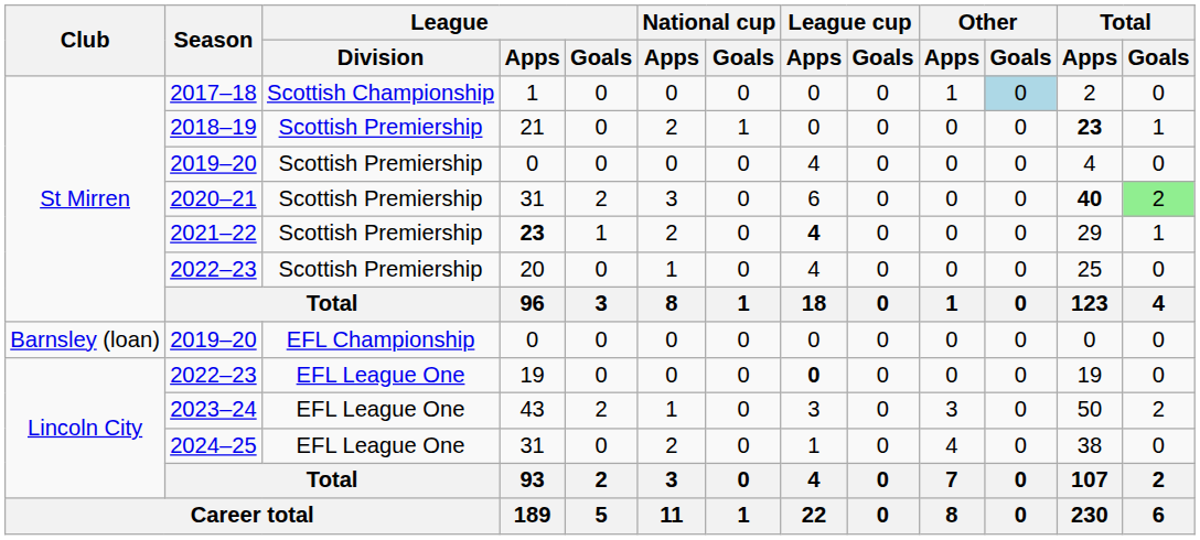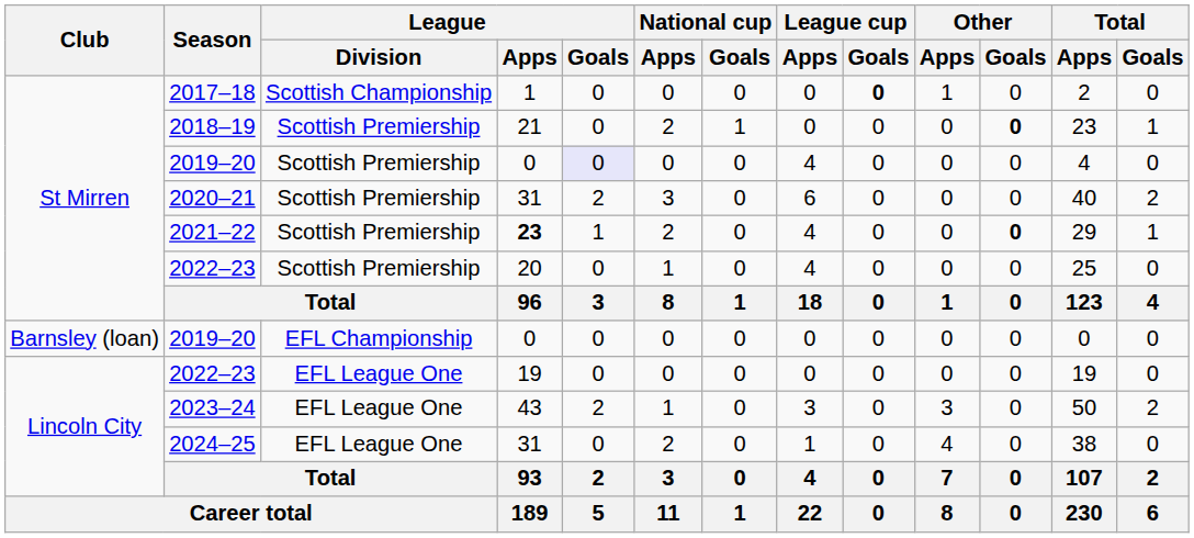 <table class=wikitable style="text-align: center">
 <tr>
 <th rowspan=2>Club</th>
 <th rowspan=2>Season</th>
 <th colspan=3>League</th>
 <th colspan=2>National cup</th>
 <th colspan=2>League cup</th>
 <th colspan=2>Other</th>
 <th colspan=2>Total</th>
 </tr>
 <tr>
 <th>Division</th>
 <th>Apps</th>
 <th>Goals</th>
 <th>Apps</th>
 <th>Goals</th>
 <th>Apps</th>
 <th>Goals</th>
 <th>Apps</th>
 <th>Goals</th>
 <th>Apps</th>
 <th>Goals</th>
 </tr>
 <tr>
 <td rowspan=7><a href='#'>St Mirren</a></td>
 <td><a href='#'>2017–18</a></td>
 <td><a href='#'>Scottish Championship</a></td>
 <td>1</td>
 <td>0</td>
 <td>0</td>
 <td>0</td>
 <td>0</td>
+<td><strong>0</strong></td>
+<td>1</td>
 <td>0</td>
-<td>1</td>
-<td style="background: lightblue;">0</td>
 <td>2</td>
 <td>0</td>
 </tr>
 <tr>
 <td><a href='#'>2018–19</a></td>
 <td><a href='#'>Scottish Premiership</a></td>
 <td>21</td>
 <td>0</td>
 <td>2</td>
 <td>1</td>
 <td>0</td>
 <td>0</td>
 <td>0</td>
-<td>0</td>
-<td><strong>23</strong></td>
+<td><strong>0</strong></td>
+<td>23</td>
 <td>1</td>
 </tr>
 <tr>
 <td><a href='#'>2019–20</a></td>
 <td>Scottish Premiership</td>
 <td>0</td>
-<td>0</td>
+<td style="background: lavender;">0</td>
 <td>0</td>
 <td>0</td>
 <td>4</td>
 <td>0</td>
 <td>0</td>
 <td>0</td>
 <td>4</td>
 <td>0</td>
 </tr>
 <tr>
 <td><a href='#'>2020–21</a></td>
 <td>Scottish Premiership</td>
 <td>31</td>
 <td>2</td>
 <td>3</td>
 <td>0</td>
 <td>6</td>
 <td>0</td>
 <td>0</td>
 <td>0</td>
-<td><strong>40</strong></td>
-<td style="background: lightgreen;">2</td>
+<td>40</td>
+<td>2</td>
 </tr>
 <tr>
 <td><a href='#'>2021–22</a></td>
 <td>Scottish Premiership</td>
 <td><strong>23</strong></td>
 <td>1</td>
 <td>2</td>
 <td>0</td>
-<td><strong>4</strong></td>
+<td>4</td>
 <td>0</td>
 <td>0</td>
-<td>0</td>
+<td><strong>0</strong></td>
 <td>29</td>
 <td>1</td>
 </tr>
 <tr>
 <td><a href='#'>2022–23</a></td>
 <td>Scottish Premiership</td>
 <td>20</td>
 <td>0</td>
 <td>1</td>
 <td>0</td>
 <td>4</td>
 <td>0</td>
 <td>0</td>
 <td>0</td>
 <td>25</td>
 <td>0</td>
 </tr>
 <tr>
 <th colspan=2>Total</th>
 <th>96</th>
 <th>3</th>
 <th>8</th>
 <th>1</th>
 <th>18</th>
 <th>0</th>
 <th>1</th>
 <th>0</th>
 <th>123</th>
 <th>4</th>
 </tr>
 <tr>
 <td><a href='#'>Barnsley</a> (loan)</td>
 <td><a href='#'>2019–20</a></td>
 <td><a href='#'>EFL Championship</a></td>
 <td>0</td>
 <td>0</td>
 <td>0</td>
 <td>0</td>
 <td>0</td>
 <td>0</td>
 <td>0</td>
 <td>0</td>
 <td>0</td>
 <td>0</td>
 </tr>
 <tr>
 <td rowspan=4><a href='#'>Lincoln City</a></td>
 <td><a href='#'>2022–23</a></td>
 <td><a href='#'>EFL League One</a></td>
 <td>19</td>
 <td>0</td>
 <td>0</td>
 <td>0</td>
-<td><strong>0</strong></td>
+<td>0</td>
 <td>0</td>
 <td>0</td>
 <td>0</td>
 <td>19</td>
 <td>0</td>
 </tr>
 <tr>
 <td><a href='#'>2023–24</a></td>
 <td>EFL League One</td>
 <td>43</td>
 <td>2</td>
 <td>1</td>
 <td>0</td>
 <td>3</td>
 <td>0</td>
 <td>3</td>
 <td>0</td>
 <td>50</td>
 <td>2</td>
 </tr>
 <tr>
 <td><a href='#'>2024–25</a></td>
 <td>EFL League One</td>
 <td>31</td>
 <td>0</td>
 <td>2</td>
 <td>0</td>
 <td>1</td>
 <td>0</td>
 <td>4</td>
 <td>0</td>
 <td>38</td>
 <td>0</td>
 </tr>
 <tr>
 <th colspan=2>Total</th>
 <th>93</th>
 <th>2</th>
 <th>3</th>
 <th>0</th>
 <th>4</th>
 <th>0</th>
 <th>7</th>
 <th>0</th>
 <th>107</th>
 <th>2</th>
 </tr>
 <tr>
 <th colspan=3>Career total</th>
 <th>189</th>
 <th>5</th>
 <th>11</th>
 <th>1</th>
 <th>22</th>
 <th>0</th>
 <th>8</th>
 <th>0</th>
 <th>230</th>
 <th>6</th>
 </tr>
 </table>
